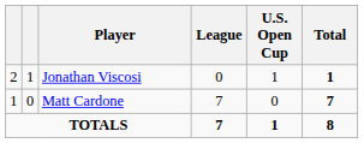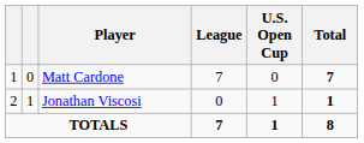 <table class="wikitable sortable" style="font-size: 95%; text-align: center;">
 <tr>
 <th width=10></th>
 <th width=10></th>
 <th width=150>Player</th>
 <th width=50>League</th>
 <th width=50>U.S. Open Cup</th>
 <th width=50>Total</th>
 </tr>
 <tr>
+<td>1</td>
+<td>0</td>
+<td align=left> <a href='#'>Matt Cardone</a></td>
+<td>7</td>
+<td>0</td>
+<td><strong>7</strong></td>
+</tr>
+<tr>
 <td>2</td>
 <td>1</td>
 <td align=left> <a href='#'>Jonathan Viscosi</a></td>
 <td>0</td>
 <td>1</td>
 <td><strong>1</strong></td>
 </tr>
 <tr>
-<td>1</td>
-<td>0</td>
-<td align=left> <a href='#'>Matt Cardone</a></td>
-<td>7</td>
-<td>0</td>
-<td><strong>7</strong></td>
-</tr>
-<tr>
 <td colspan="3"><strong>TOTALS</strong></td>
 <td><strong>7</strong></td>
 <td><strong>1</strong></td>
 <td><strong>8</strong></td>
 </tr>
 </table>
